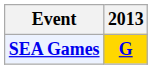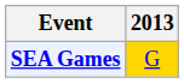 <table class="wikitable" style="font-size: 90%; text-align:center">
 <tr>
 <th>Event</th>
 <th>2013</th>
 </tr>
 <tr>
 <td bgcolor="#ECF2FF"; align="left"><strong><a href='#'>SEA Games</a></strong></td>
-<td bgcolor=gold><strong><a href='#'>G</a></strong></td>
+<td bgcolor=gold><a href='#'>G</a></td>
 </tr>
 </table>
